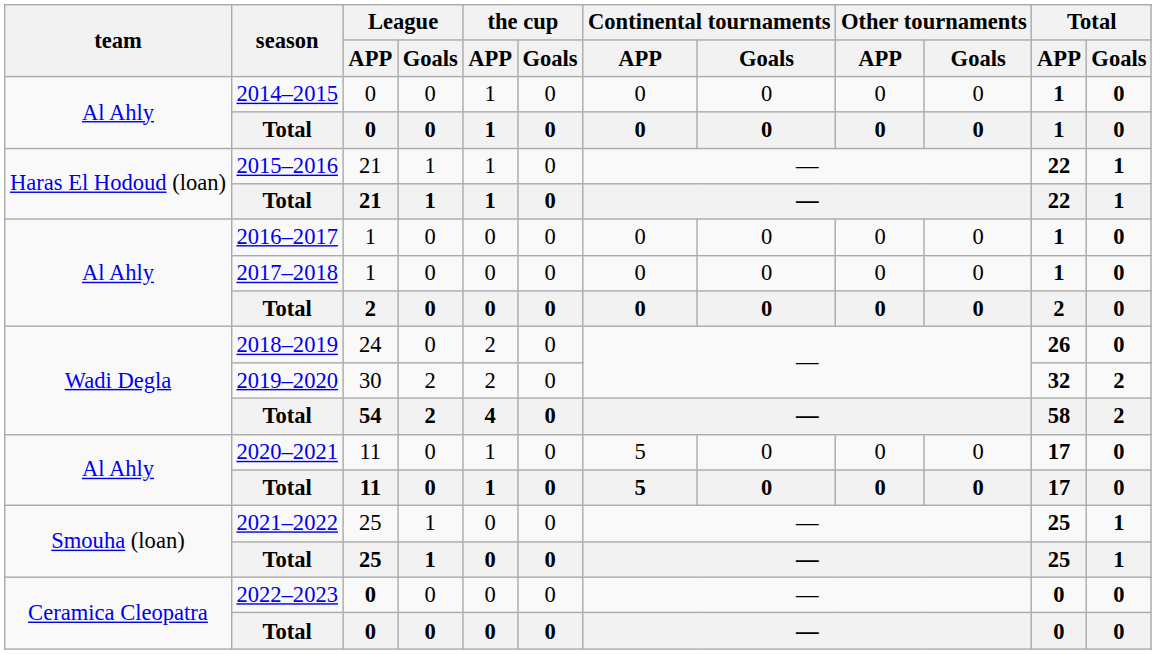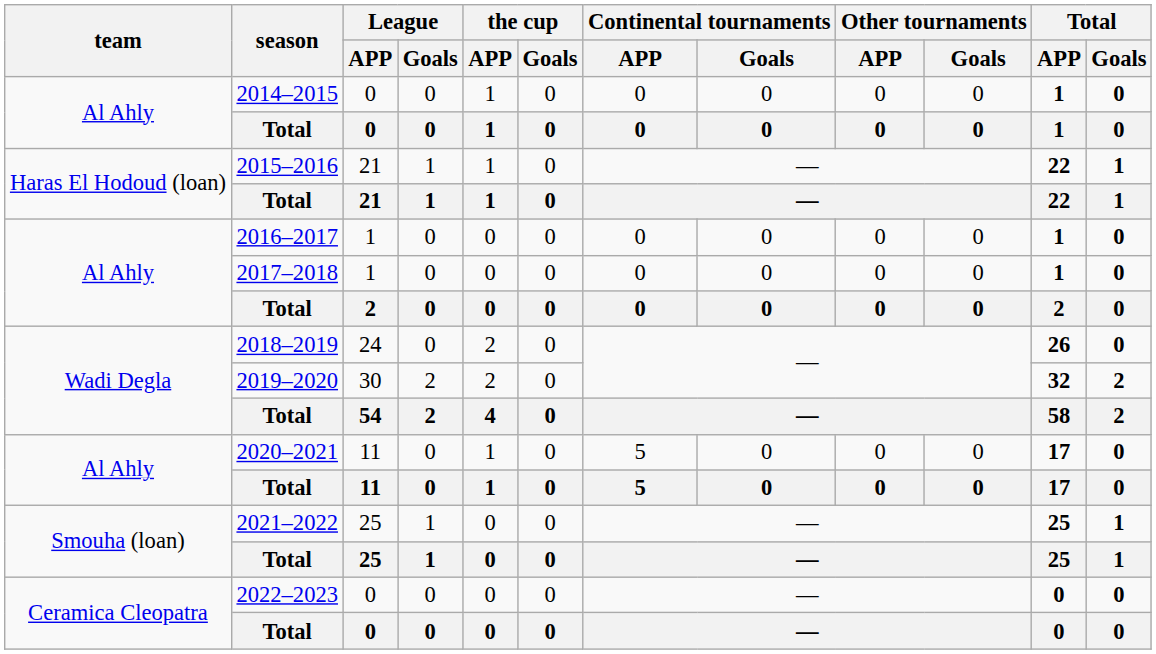 <table class="wikitable" style="text-align: center;">
 <tr>
 <th rowspan="2">team</th>
 <th rowspan="2">season</th>
 <th colspan="2">League</th>
 <th colspan="2">the cup</th>
 <th colspan="2">Continental tournaments</th>
 <th colspan="2">Other tournaments</th>
 <th colspan="2">Total</th>
 </tr>
 <tr>
 <th>APP</th>
 <th>Goals</th>
 <th>APP</th>
 <th>Goals</th>
 <th>APP</th>
 <th>Goals</th>
 <th>APP</th>
 <th>Goals</th>
 <th>APP</th>
 <th>Goals</th>
 </tr>
 <tr>
 <td rowspan=2><a href='#'>Al Ahly</a></td>
 <td><a href='#'>2014–2015</a></td>
 <td>0</td>
 <td>0</td>
 <td>1</td>
 <td>0</td>
 <td>0</td>
 <td>0</td>
 <td>0</td>
 <td>0</td>
 <td><strong>1</strong></td>
 <td><strong>0</strong></td>
 </tr>
 <tr>
 <th>Total</th>
 <th>0</th>
 <th>0</th>
 <th>1</th>
 <th>0</th>
 <th>0</th>
 <th>0</th>
 <th>0</th>
 <th>0</th>
 <th>1</th>
 <th>0</th>
 </tr>
 <tr>
 <td rowspan=2><a href='#'>Haras El Hodoud</a> (loan)</td>
 <td><a href='#'>2015–2016</a></td>
 <td>21</td>
 <td>1</td>
 <td>1</td>
 <td>0</td>
 <td colspan="4">—</td>
 <td><strong>22</strong></td>
 <td><strong>1</strong></td>
 </tr>
 <tr>
 <th>Total</th>
 <th>21</th>
 <th>1</th>
 <th>1</th>
 <th>0</th>
 <th colspan="4">—</th>
 <th>22</th>
 <th>1</th>
 </tr>
 <tr>
 <td rowspan=3><a href='#'>Al Ahly</a></td>
 <td><a href='#'>2016–2017</a></td>
 <td>1</td>
 <td>0</td>
 <td>0</td>
 <td>0</td>
 <td>0</td>
 <td>0</td>
 <td>0</td>
 <td>0</td>
 <td><strong>1</strong></td>
 <td><strong>0</strong></td>
 </tr>
 <tr>
 <td><a href='#'>2017–2018</a></td>
 <td>1</td>
 <td>0</td>
 <td>0</td>
 <td>0</td>
 <td>0</td>
 <td>0</td>
 <td>0</td>
 <td>0</td>
 <td><strong>1</strong></td>
 <td><strong>0</strong></td>
 </tr>
 <tr>
 <th>Total</th>
 <th>2</th>
 <th>0</th>
 <th>0</th>
 <th>0</th>
 <th>0</th>
 <th>0</th>
 <th>0</th>
 <th>0</th>
 <th>2</th>
 <th>0</th>
 </tr>
 <tr>
 <td rowspan=3><a href='#'>Wadi Degla</a></td>
 <td><a href='#'>2018–2019</a></td>
 <td>24</td>
 <td>0</td>
 <td>2</td>
 <td>0</td>
 <td rowspan=2 colspan="4">—</td>
 <td><strong>26</strong></td>
 <td><strong>0</strong></td>
 </tr>
 <tr>
 <td><a href='#'>2019–2020</a></td>
 <td>30</td>
 <td>2</td>
 <td>2</td>
 <td>0</td>
 <td><strong>32</strong></td>
 <td><strong>2</strong></td>
 </tr>
 <tr>
 <th>Total</th>
 <th>54</th>
 <th>2</th>
 <th>4</th>
 <th>0</th>
 <th colspan="4">—</th>
 <th>58</th>
 <th>2</th>
 </tr>
 <tr>
 <td rowspan=2><a href='#'>Al Ahly</a></td>
 <td><a href='#'>2020–2021</a></td>
 <td>11</td>
 <td>0</td>
 <td>1</td>
 <td>0</td>
 <td>5</td>
 <td>0</td>
 <td>0</td>
 <td>0</td>
 <td><strong>17</strong></td>
 <td><strong>0</strong></td>
 </tr>
 <tr>
 <th>Total</th>
 <th>11</th>
 <th>0</th>
 <th>1</th>
 <th>0</th>
 <th>5</th>
 <th>0</th>
 <th>0</th>
 <th>0</th>
 <th>17</th>
 <th>0</th>
 </tr>
 <tr>
 <td rowspan=2><a href='#'>Smouha</a> (loan)</td>
 <td><a href='#'>2021–2022</a></td>
 <td>25</td>
 <td>1</td>
 <td>0</td>
 <td>0</td>
 <td rowspan=1 colspan="4">—</td>
 <td><strong>25</strong></td>
 <td><strong>1</strong></td>
 </tr>
 <tr>
 <th>Total</th>
 <th>25</th>
 <th>1</th>
 <th>0</th>
 <th>0</th>
 <th colspan="4">—</th>
 <th>25</th>
 <th>1</th>
 </tr>
 <tr>
 <td rowspan=2><a href='#'>Ceramica Cleopatra</a></td>
 <td><a href='#'>2022–2023</a></td>
-<td><strong>0</strong></td>
+<td>0</td>
 <td>0</td>
 <td>0</td>
 <td>0</td>
 <td rowspan=1 colspan="4">—</td>
 <td><strong>0</strong></td>
 <td><strong>0</strong></td>
 </tr>
 <tr>
 <th>Total</th>
 <th>0</th>
 <th>0</th>
 <th>0</th>
 <th>0</th>
 <th colspan="4">—</th>
 <th>0</th>
 <th>0</th>
 </tr>
 </table>
